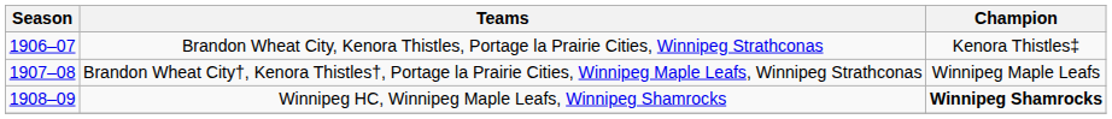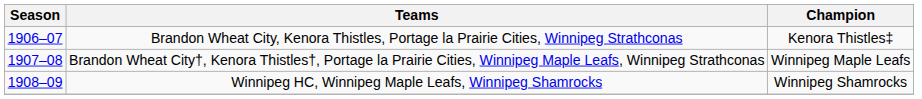 <table class="wikitable" style="text-align:center;">
 <tr>
 <th>Season</th>
 <th>Teams</th>
 <th>Champion</th>
 </tr>
 <tr>
 <td><a href='#'>1906–07</a></td>
 <td>Brandon Wheat City, Kenora Thistles, Portage la Prairie Cities,  <a href='#'>Winnipeg Strathconas</a></td>
 <td>Kenora Thistles‡</td>
 </tr>
 <tr>
 <td><a href='#'>1907–08</a></td>
 <td>Brandon Wheat City†, Kenora Thistles†, Portage la Prairie Cities,  <a href='#'>Winnipeg Maple Leafs</a>, Winnipeg Strathconas</td>
 <td>Winnipeg Maple Leafs</td>
 </tr>
 <tr>
 <td><a href='#'>1908–09</a></td>
 <td>Winnipeg HC,  Winnipeg Maple Leafs, <a href='#'>Winnipeg Shamrocks</a></td>
-<td><strong>Winnipeg Shamrocks</strong></td>
+<td>Winnipeg Shamrocks</td>
 </tr>
 <tr>
 </tr>
 </table>
